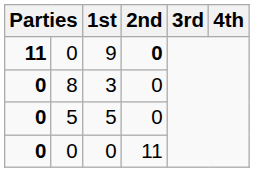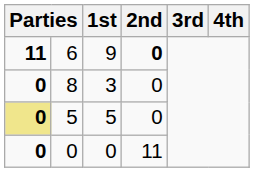 <table class="wikitable" style="text-align:right;">
 <tr>
 <th colspan=2 style="text-align:left;">Parties</th>
 <th>1st</th>
 <th>2nd</th>
 <th>3rd</th>
 <th>4th</th>
 </tr>
 <tr>
 <td><strong>11</strong></td>
-<td>0</td>
+<td>6</td>
 <td>9</td>
 <td><strong>0</strong></td>
 </tr>
 <tr>
 <td><strong>0</strong></td>
 <td>8</td>
 <td>3</td>
 <td>0</td>
 </tr>
 <tr>
-<td><strong>0</strong></td>
+<td style="background: khaki;"><strong>0</strong></td>
 <td>5</td>
 <td>5</td>
 <td>0</td>
 </tr>
 <tr>
 <td><strong>0</strong></td>
 <td>0</td>
 <td>0</td>
 <td>11</td>
 </tr>
 </table>
